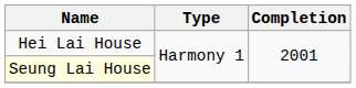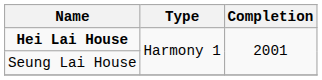 <table class="wikitable" style="text-align: center">
 <tr>
 <th>Name</th>
 <th>Type</th>
 <th>Completion</th>
 </tr>
 <tr>
-<td>Hei Lai House</td>
+<td><strong>Hei Lai House</strong></td>
 <td rowspan="2">Harmony 1</td>
 <td rowspan="2">2001</td>
 </tr>
 <tr>
-<td style="background: lightyellow;">Seung Lai House</td>
+<td>Seung Lai House</td>
 </tr>
 <tr>
 </tr>
 </table>
